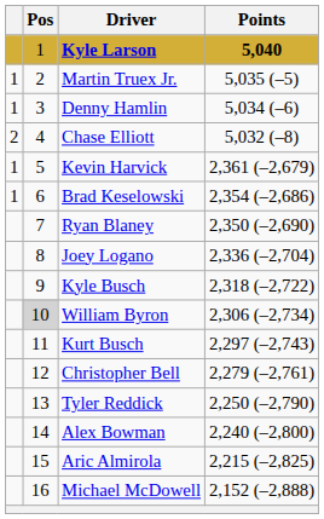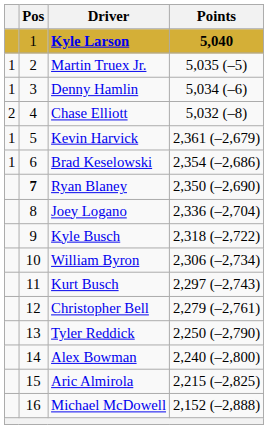 <table class="wikitable" style="font-size: 95%">
 <tr>
 <th></th>
 <th>Pos</th>
 <th>Driver</th>
 <th>Points</th>
 </tr>
 <tr style="background:#D4AF37;">
 <td align="left"></td>
 <td style="text-align:center;">1</td>
 <td><strong><a href='#'>Kyle Larson</a></strong></td>
 <td style="text-align:center;"><strong>5,040</strong></td>
 </tr>
 <tr>
 <td align="left"> 1</td>
 <td style="text-align:center;">2</td>
 <td><a href='#'>Martin Truex Jr.</a></td>
 <td style="text-align:center;">5,035 (–5)</td>
 </tr>
 <tr>
 <td align="left"> 1</td>
 <td style="text-align:center;">3</td>
 <td><a href='#'>Denny Hamlin</a></td>
 <td style="text-align:center;">5,034 (–6)</td>
 </tr>
 <tr>
 <td align="left"> 2</td>
 <td style="text-align:center;">4</td>
 <td><a href='#'>Chase Elliott</a></td>
 <td style="text-align:center;">5,032 (–8)</td>
 </tr>
 <tr>
 <td align="left"> 1</td>
 <td style="text-align:center;">5</td>
 <td><a href='#'>Kevin Harvick</a></td>
 <td style="text-align:center;">2,361 (–2,679)</td>
 </tr>
 <tr>
 <td align="left"> 1</td>
 <td style="text-align:center;">6</td>
 <td><a href='#'>Brad Keselowski</a></td>
 <td style="text-align:center;">2,354 (–2,686)</td>
 </tr>
 <tr>
 <td align="left"></td>
-<td style="text-align:center;">7</td>
+<td style="text-align:center;"><strong>7</strong></td>
 <td><a href='#'>Ryan Blaney</a></td>
 <td style="text-align:center;">2,350 (–2,690)</td>
 </tr>
 <tr>
 <td align="left"></td>
 <td style="text-align:center;">8</td>
 <td><a href='#'>Joey Logano</a></td>
 <td style="text-align:center;">2,336 (–2,704)</td>
 </tr>
 <tr>
 <td align="left"></td>
 <td style="text-align:center;">9</td>
 <td><a href='#'>Kyle Busch</a></td>
 <td style="text-align:center;">2,318 (–2,722)</td>
 </tr>
 <tr>
 <td align="left"></td>
-<td style="background: lightgrey; text-align:center;">10</td>
+<td style="text-align:center;">10</td>
 <td><a href='#'>William Byron</a></td>
 <td style="text-align:center;">2,306 (–2,734)</td>
 </tr>
 <tr>
 <td align="left"></td>
 <td style="text-align:center;">11</td>
 <td><a href='#'>Kurt Busch</a></td>
 <td style="text-align:center;">2,297 (–2,743)</td>
 </tr>
 <tr>
 <td align="left"></td>
 <td style="text-align:center;">12</td>
 <td><a href='#'>Christopher Bell</a></td>
 <td style="text-align:center;">2,279 (–2,761)</td>
 </tr>
 <tr>
 <td align="left"></td>
 <td style="text-align:center;">13</td>
 <td><a href='#'>Tyler Reddick</a></td>
 <td style="text-align:center;">2,250 (–2,790)</td>
 </tr>
 <tr>
 <td align="left"></td>
 <td style="text-align:center;">14</td>
 <td><a href='#'>Alex Bowman</a></td>
 <td style="text-align:center;">2,240 (–2,800)</td>
 </tr>
 <tr>
 <td align="left"></td>
 <td style="text-align:center;">15</td>
 <td><a href='#'>Aric Almirola</a></td>
 <td style="text-align:center;">2,215 (–2,825)</td>
 </tr>
 <tr>
 <td align="left"></td>
 <td style="text-align:center;">16</td>
 <td><a href='#'>Michael McDowell</a></td>
 <td style="text-align:center;">2,152 (–2,888)</td>
 </tr>
 <tr class="sortbottom">
 <th colspan="9"></th>
 </tr>
 </table>
